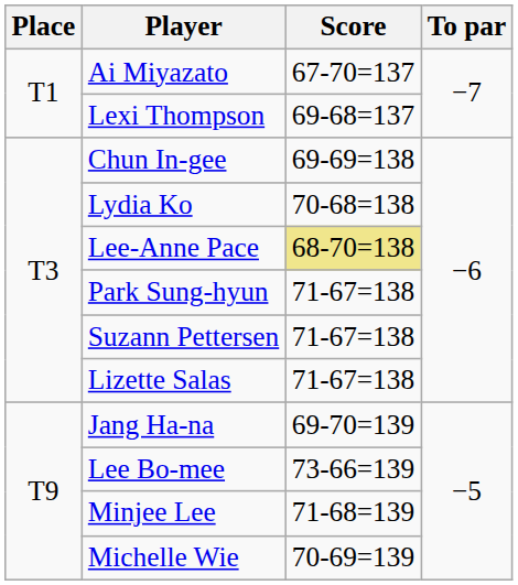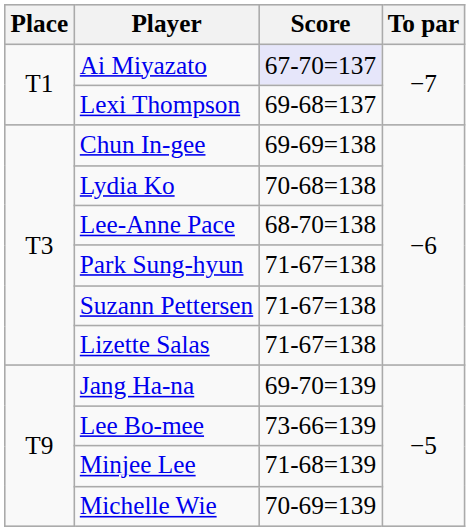 <table class="wikitable">
 <tr>
 <th>Place</th>
 <th>Player</th>
 <th>Score</th>
 <th>To par</th>
 </tr>
 <tr>
 <td rowspan=2 align=center>T1</td>
 <td> <a href='#'>Ai Miyazato</a></td>
-<td>67-70=137</td>
+<td style="background: lavender;">67-70=137</td>
 <td rowspan=2 align=center>−7</td>
 </tr>
 <tr>
 <td> <a href='#'>Lexi Thompson</a></td>
 <td>69-68=137</td>
 </tr>
 <tr>
 <td rowspan=6 align=center>T3</td>
 <td> <a href='#'>Chun In-gee</a></td>
 <td>69-69=138</td>
 <td rowspan=6 align=center>−6</td>
 </tr>
 <tr>
 <td> <a href='#'>Lydia Ko</a></td>
 <td>70-68=138</td>
 </tr>
 <tr>
 <td> <a href='#'>Lee-Anne Pace</a></td>
-<td style="background: khaki;">68-70=138</td>
+<td>68-70=138</td>
 </tr>
 <tr>
 <td> <a href='#'>Park Sung-hyun</a></td>
 <td>71-67=138</td>
 </tr>
 <tr>
 <td> <a href='#'>Suzann Pettersen</a></td>
 <td>71-67=138</td>
 </tr>
 <tr>
 <td> <a href='#'>Lizette Salas</a></td>
 <td>71-67=138</td>
 </tr>
 <tr>
 <td rowspan=4 align=center>T9</td>
 <td> <a href='#'>Jang Ha-na</a></td>
 <td>69-70=139</td>
 <td rowspan=4 align=center>−5</td>
 </tr>
 <tr>
 <td> <a href='#'>Lee Bo-mee</a></td>
 <td>73-66=139</td>
 </tr>
 <tr>
 <td> <a href='#'>Minjee Lee</a></td>
 <td>71-68=139</td>
 </tr>
 <tr>
 <td> <a href='#'>Michelle Wie</a></td>
 <td>70-69=139</td>
 </tr>
 </table>
